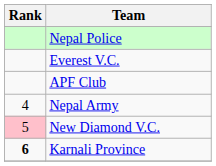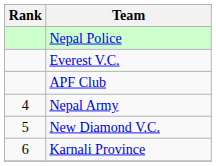 <table class="wikitable" style="text-align: center;">
 <tr>
 <th width=40>Rank</th>
 <th width=180>Team</th>
 </tr>
 <tr bgcolor=#CCFFCC>
 <td></td>
 <td style="text-align:left;"><a href='#'>Nepal Police</a></td>
 </tr>
 <tr>
 <td></td>
 <td style="text-align:left;"><a href='#'>Everest V.C.</a></td>
 </tr>
 <tr>
 <td></td>
 <td style="text-align:left;"><a href='#'>APF Club</a></td>
 </tr>
 <tr align=center>
 <td>4</td>
 <td style="text-align:left;"><a href='#'>Nepal Army</a></td>
 </tr>
 <tr align=center>
-<td style="background: pink;">5</td>
+<td>5</td>
 <td style="text-align:left;"><a href='#'>New Diamond V.C.</a></td>
 </tr>
 <tr align=center>
-<td><strong>6</strong></td>
+<td>6</td>
 <td style="text-align:left;"><a href='#'>Karnali Province</a></td>
 </tr>
 <tr align=center>
 </tr>
 </table>
